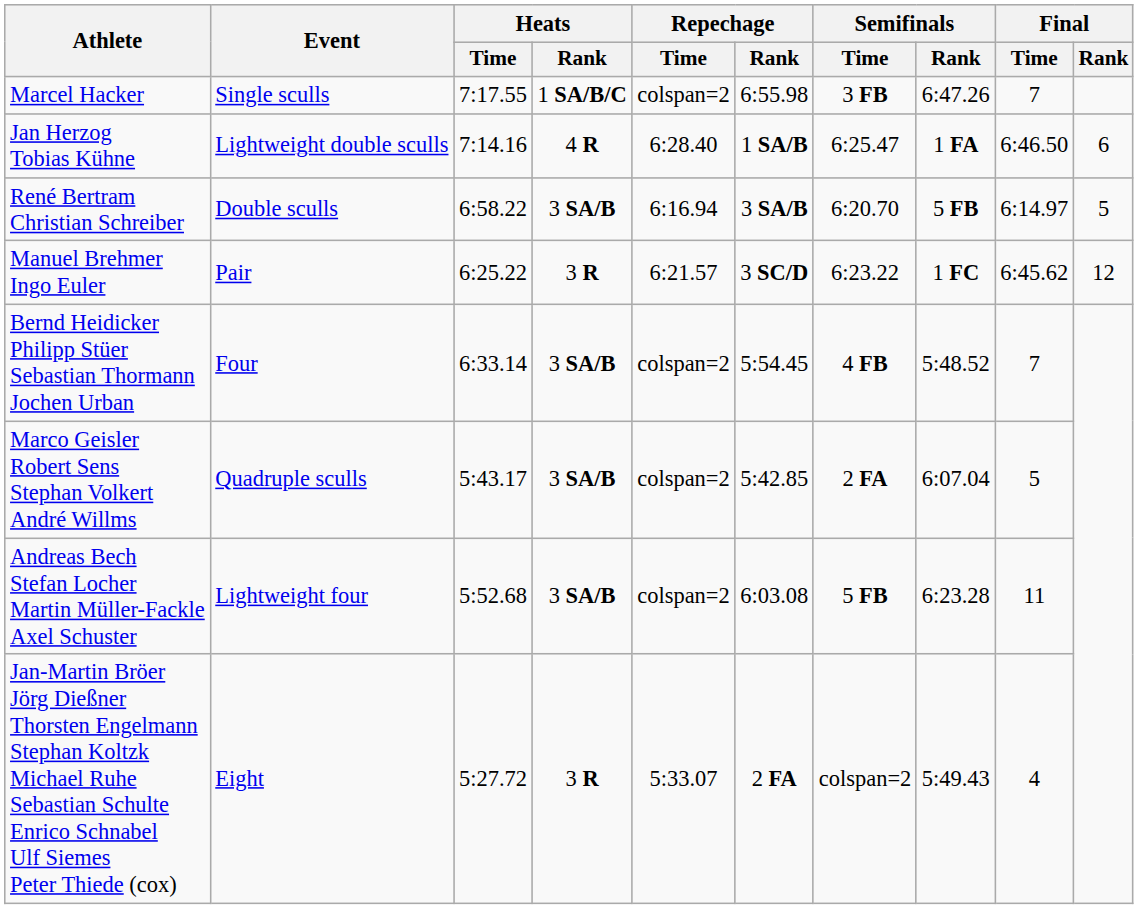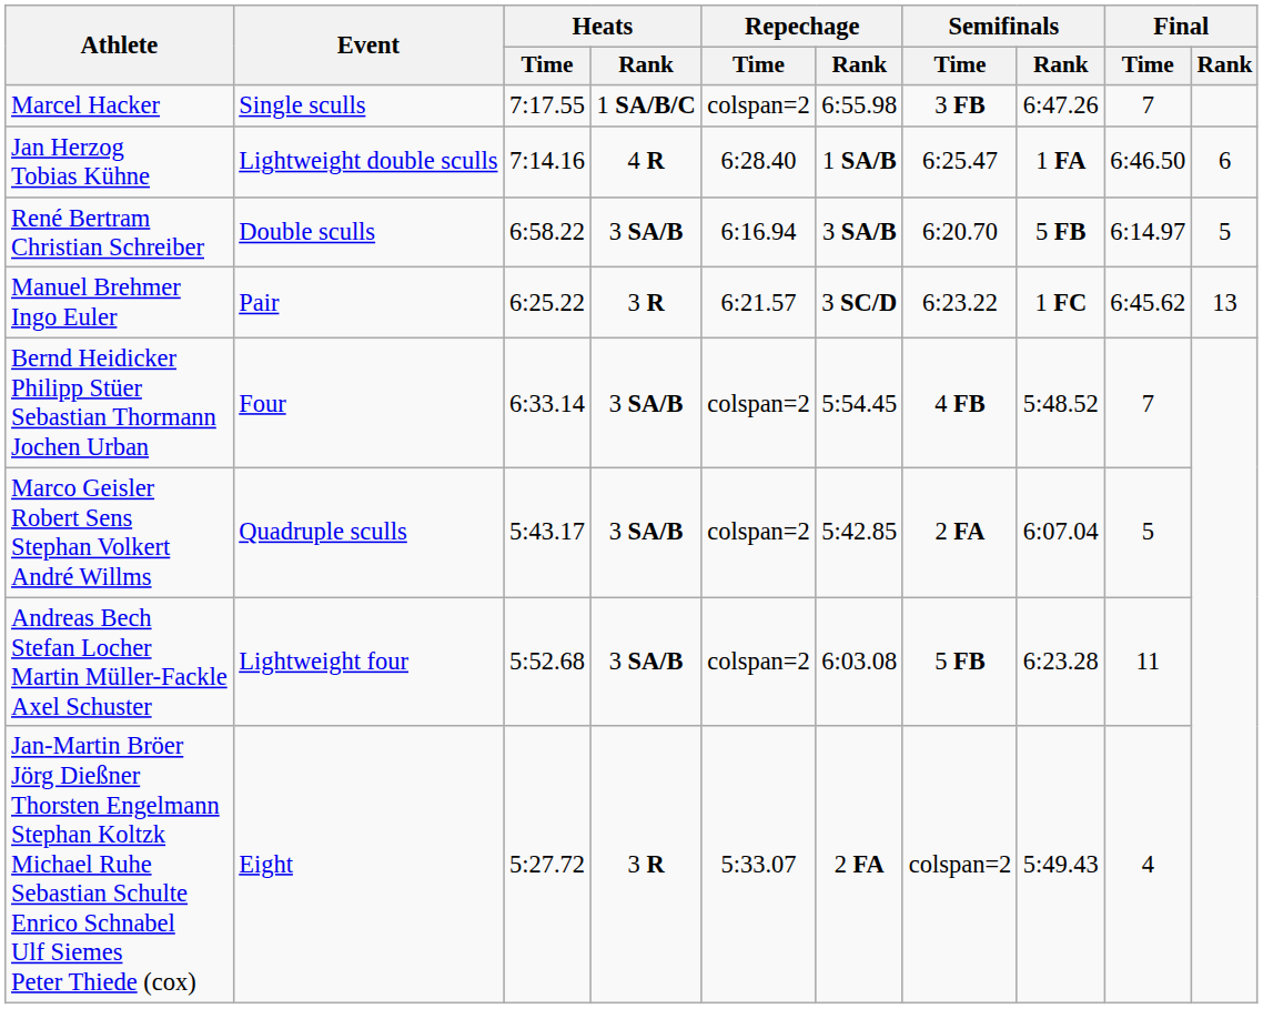 <table class="wikitable" style="font-size:90%;">
 <tr>
 <th rowspan="2">Athlete</th>
 <th rowspan="2">Event</th>
 <th colspan="2">Heats</th>
 <th colspan="2">Repechage</th>
 <th colspan="2">Semifinals</th>
 <th colspan="2">Final</th>
 </tr>
 <tr style="font-size:95%">
 <th>Time</th>
 <th>Rank</th>
 <th>Time</th>
 <th>Rank</th>
 <th>Time</th>
 <th>Rank</th>
 <th>Time</th>
 <th>Rank</th>
 </tr>
 <tr align=center>
 <td align=left><a href='#'>Marcel Hacker</a></td>
 <td align=left><a href='#'>Single sculls</a></td>
 <td>7:17.55</td>
 <td>1 <strong>SA/B/C</strong></td>
 <td>colspan=2 </td>
 <td>6:55.98</td>
 <td>3 <strong>FB</strong></td>
 <td>6:47.26</td>
 <td>7</td>
 </tr>
 <tr align=center>
 <td align=left><a href='#'>Jan Herzog</a><br><a href='#'>Tobias Kühne</a></td>
 <td align=left><a href='#'>Lightweight double sculls</a></td>
 <td>7:14.16</td>
 <td>4 <strong>R</strong></td>
 <td>6:28.40</td>
 <td>1 <strong>SA/B</strong></td>
 <td>6:25.47</td>
 <td>1 <strong>FA</strong></td>
 <td>6:46.50</td>
 <td>6</td>
 </tr>
 <tr align=center>
 <td align=left><a href='#'>René Bertram</a><br><a href='#'>Christian Schreiber</a></td>
 <td align=left><a href='#'>Double sculls</a></td>
 <td>6:58.22</td>
 <td>3 <strong>SA/B</strong></td>
 <td>6:16.94</td>
 <td>3 <strong>SA/B</strong></td>
 <td>6:20.70</td>
 <td>5 <strong>FB</strong></td>
 <td>6:14.97</td>
 <td>5</td>
 </tr>
 <tr align=center>
 <td align=left><a href='#'>Manuel Brehmer</a><br><a href='#'>Ingo Euler</a></td>
 <td align=left><a href='#'>Pair</a></td>
 <td>6:25.22</td>
 <td>3 <strong>R</strong></td>
 <td>6:21.57</td>
 <td>3 <strong>SC/D</strong></td>
 <td>6:23.22</td>
 <td>1 <strong>FC</strong></td>
 <td>6:45.62</td>
-<td>12</td>
+<td>13</td>
 </tr>
 <tr align=center>
 <td align=left><a href='#'>Bernd Heidicker</a><br><a href='#'>Philipp Stüer</a><br><a href='#'>Sebastian Thormann</a><br><a href='#'>Jochen Urban</a></td>
 <td align=left><a href='#'>Four</a></td>
 <td>6:33.14</td>
 <td>3 <strong>SA/B</strong></td>
 <td>colspan=2 </td>
 <td>5:54.45</td>
 <td>4 <strong>FB</strong></td>
 <td>5:48.52</td>
 <td>7</td>
 </tr>
 <tr align=center>
 <td align=left><a href='#'>Marco Geisler</a><br><a href='#'>Robert Sens</a><br><a href='#'>Stephan Volkert</a><br><a href='#'>André Willms</a></td>
 <td align=left><a href='#'>Quadruple sculls</a></td>
 <td>5:43.17</td>
 <td>3 <strong>SA/B</strong></td>
 <td>colspan=2 </td>
 <td>5:42.85</td>
 <td>2 <strong>FA</strong></td>
 <td>6:07.04</td>
 <td>5</td>
 </tr>
 <tr align=center>
 <td align=left><a href='#'>Andreas Bech</a><br><a href='#'>Stefan Locher</a><br><a href='#'>Martin Müller-Fackle</a><br><a href='#'>Axel Schuster</a></td>
 <td align=left><a href='#'>Lightweight four</a></td>
 <td>5:52.68</td>
 <td>3 <strong>SA/B</strong></td>
 <td>colspan=2 </td>
 <td>6:03.08</td>
 <td>5 <strong>FB</strong></td>
 <td>6:23.28</td>
 <td>11</td>
 </tr>
 <tr align=center>
 <td align=left><a href='#'>Jan-Martin Bröer</a><br><a href='#'>Jörg Dießner</a><br><a href='#'>Thorsten Engelmann</a><br><a href='#'>Stephan Koltzk</a><br><a href='#'>Michael Ruhe</a><br><a href='#'>Sebastian Schulte</a><br><a href='#'>Enrico Schnabel</a><br><a href='#'>Ulf Siemes</a><br><a href='#'>Peter Thiede</a> (cox)</td>
 <td align=left><a href='#'>Eight</a></td>
 <td>5:27.72</td>
 <td>3 <strong>R</strong></td>
 <td>5:33.07</td>
 <td>2 <strong>FA</strong></td>
 <td>colspan=2 </td>
 <td>5:49.43</td>
 <td>4</td>
 </tr>
 </table>
